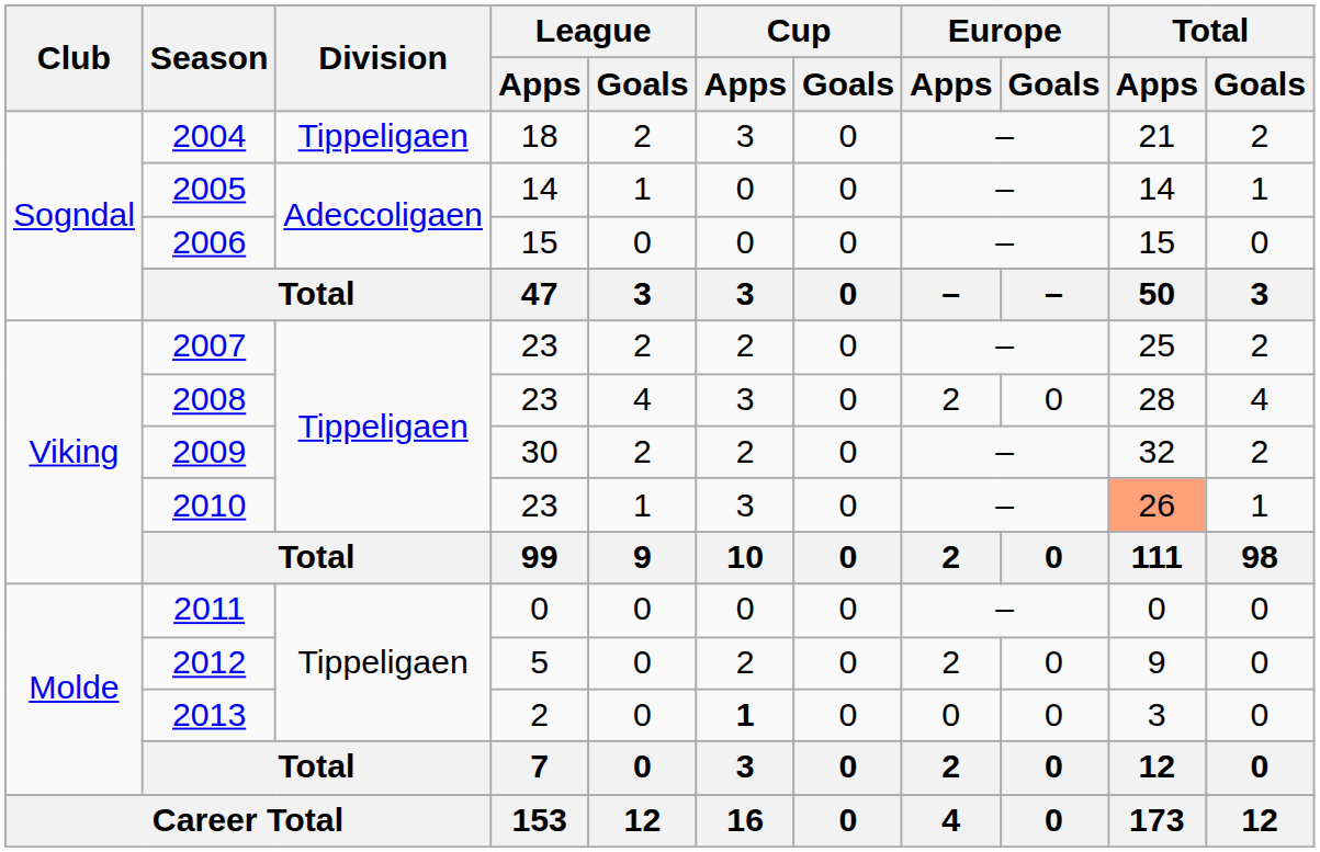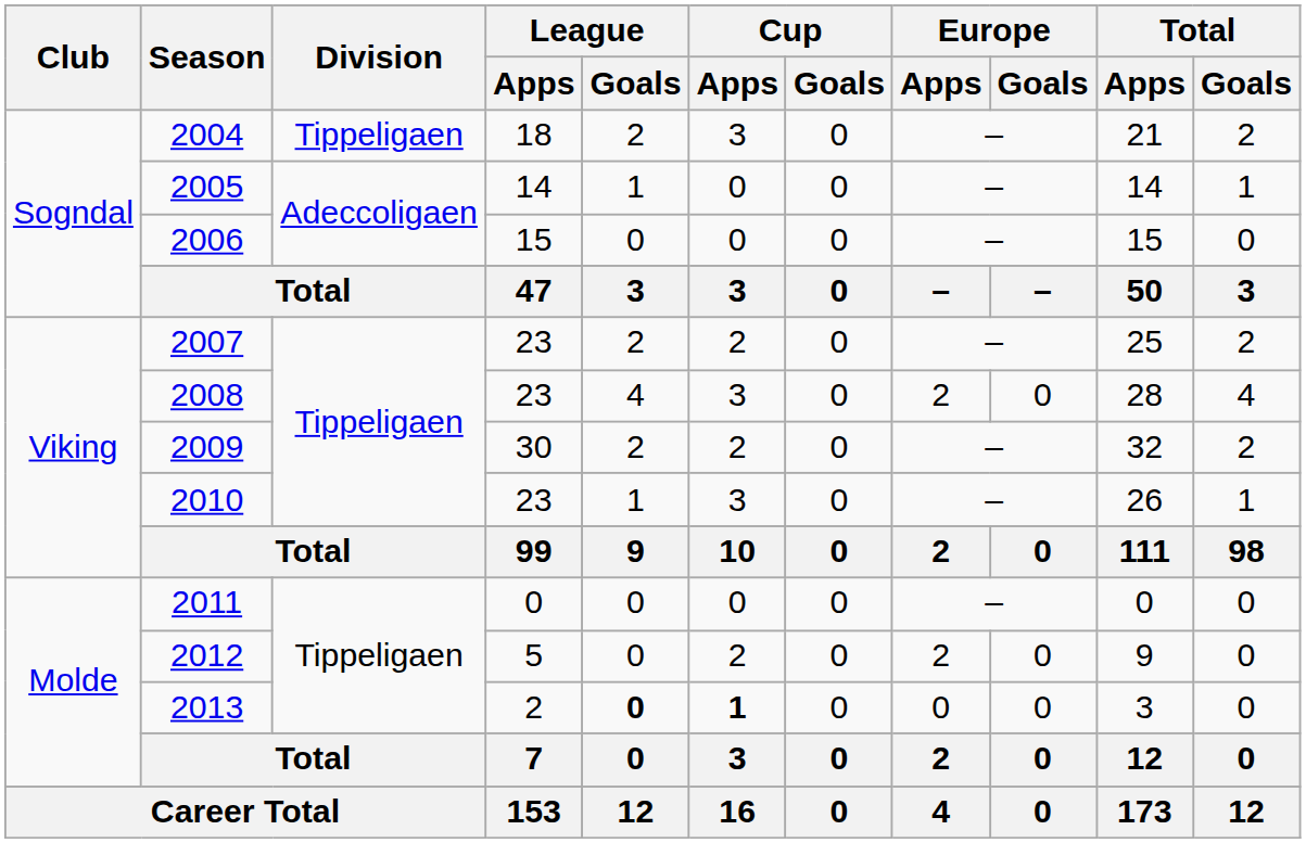 <table class="wikitable" style="text-align: center;">
 <tr>
 <th rowspan="2">Club</th>
 <th rowspan="2">Season</th>
 <th rowspan="2">Division</th>
 <th colspan="2">League</th>
 <th colspan="2">Cup</th>
 <th colspan="2">Europe</th>
 <th colspan="2">Total</th>
 </tr>
 <tr>
 <th>Apps</th>
 <th>Goals</th>
 <th>Apps</th>
 <th>Goals</th>
 <th>Apps</th>
 <th>Goals</th>
 <th>Apps</th>
 <th>Goals</th>
 </tr>
 <tr>
 <td rowspan="4" valign="center"><a href='#'>Sogndal</a></td>
 <td><a href='#'>2004</a></td>
 <td rowspan="1" valign="center"><a href='#'>Tippeligaen</a></td>
 <td>18</td>
 <td>2</td>
 <td>3</td>
 <td>0</td>
 <td colspan="2">–</td>
 <td>21</td>
 <td>2</td>
 </tr>
 <tr>
 <td><a href='#'>2005</a></td>
 <td rowspan="2" valign="center"><a href='#'>Adeccoligaen</a></td>
 <td>14</td>
 <td>1</td>
 <td>0</td>
 <td>0</td>
 <td colspan="2">–</td>
 <td>14</td>
 <td>1</td>
 </tr>
 <tr>
 <td><a href='#'>2006</a></td>
 <td>15</td>
 <td>0</td>
 <td>0</td>
 <td>0</td>
 <td colspan="2">–</td>
 <td>15</td>
 <td>0</td>
 </tr>
 <tr>
 <th colspan="2">Total</th>
 <th>47</th>
 <th>3</th>
 <th>3</th>
 <th>0</th>
 <th>–</th>
 <th>–</th>
 <th>50</th>
 <th>3</th>
 </tr>
 <tr>
 <td rowspan="5" valign="center"><a href='#'>Viking</a></td>
 <td><a href='#'>2007</a></td>
 <td rowspan="4" valign="center"><a href='#'>Tippeligaen</a></td>
 <td>23</td>
 <td>2</td>
 <td>2</td>
 <td>0</td>
 <td colspan="2">–</td>
 <td>25</td>
 <td>2</td>
 </tr>
 <tr>
 <td><a href='#'>2008</a></td>
 <td>23</td>
 <td>4</td>
 <td>3</td>
 <td>0</td>
 <td>2</td>
 <td>0</td>
 <td>28</td>
 <td>4</td>
 </tr>
 <tr>
 <td><a href='#'>2009</a></td>
 <td>30</td>
 <td>2</td>
 <td>2</td>
 <td>0</td>
 <td colspan="2">–</td>
 <td>32</td>
 <td>2</td>
 </tr>
 <tr>
 <td><a href='#'>2010</a></td>
 <td>23</td>
 <td>1</td>
 <td>3</td>
 <td>0</td>
 <td colspan="2">–</td>
-<td style="background: lightsalmon;">26</td>
+<td>26</td>
 <td>1</td>
 </tr>
 <tr>
 <th colspan="2">Total</th>
 <th>99</th>
 <th>9</th>
 <th>10</th>
 <th>0</th>
 <th>2</th>
 <th>0</th>
 <th>111</th>
 <th>98</th>
 </tr>
 <tr>
 <td rowspan="4" valign="center"><a href='#'>Molde</a></td>
 <td><a href='#'>2011</a></td>
 <td rowspan="3" valign="center">Tippeligaen</td>
 <td>0</td>
 <td>0</td>
 <td>0</td>
 <td>0</td>
 <td colspan="2">–</td>
 <td>0</td>
 <td>0</td>
 </tr>
 <tr>
 <td><a href='#'>2012</a></td>
 <td>5</td>
 <td>0</td>
 <td>2</td>
 <td>0</td>
 <td>2</td>
 <td>0</td>
 <td>9</td>
 <td>0</td>
 </tr>
 <tr>
 <td><a href='#'>2013</a></td>
 <td>2</td>
-<td>0</td>
+<td><strong>0</strong></td>
 <td><strong>1</strong></td>
 <td>0</td>
 <td>0</td>
 <td>0</td>
 <td>3</td>
 <td>0</td>
 </tr>
 <tr>
 <th colspan="2">Total</th>
 <th>7</th>
 <th>0</th>
 <th>3</th>
 <th>0</th>
 <th>2</th>
 <th>0</th>
 <th>12</th>
 <th>0</th>
 </tr>
 <tr>
 <th colspan="3">Career Total</th>
 <th>153</th>
 <th>12</th>
 <th>16</th>
 <th>0</th>
 <th>4</th>
 <th>0</th>
 <th>173</th>
 <th>12</th>
 </tr>
 </table>
